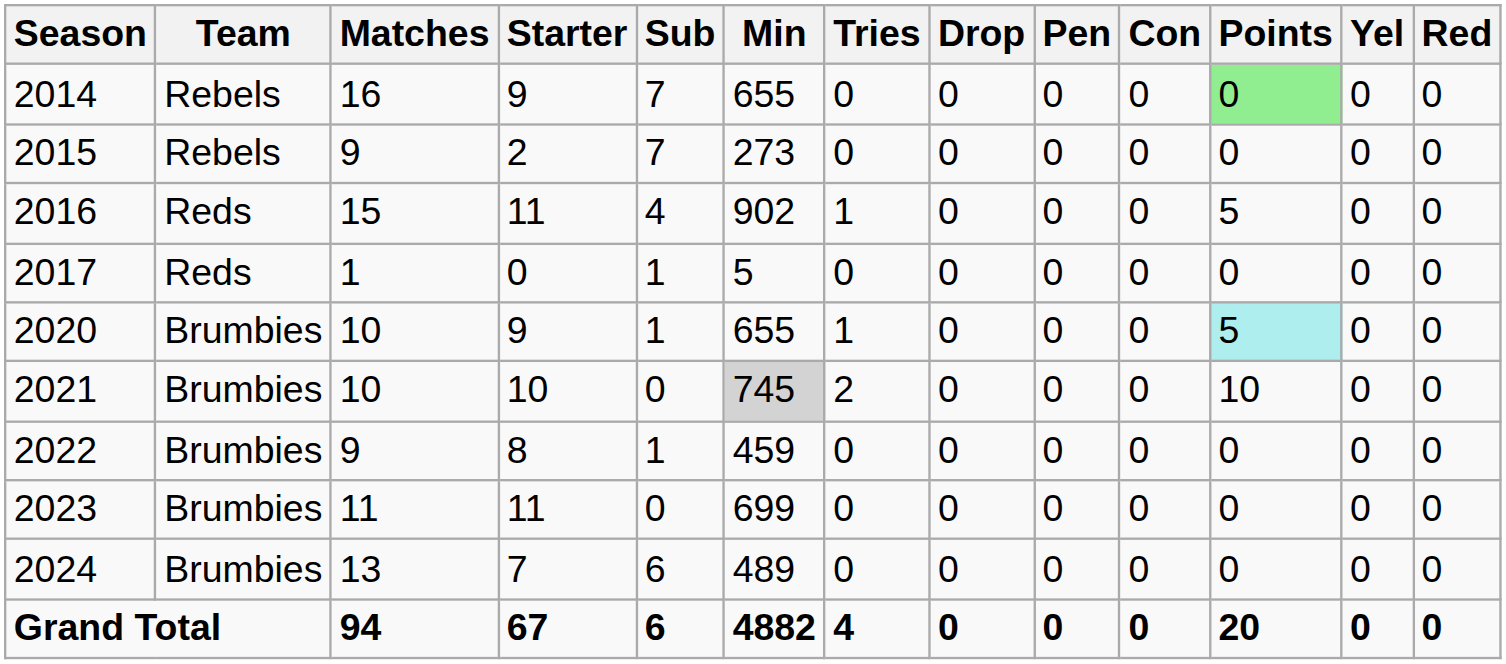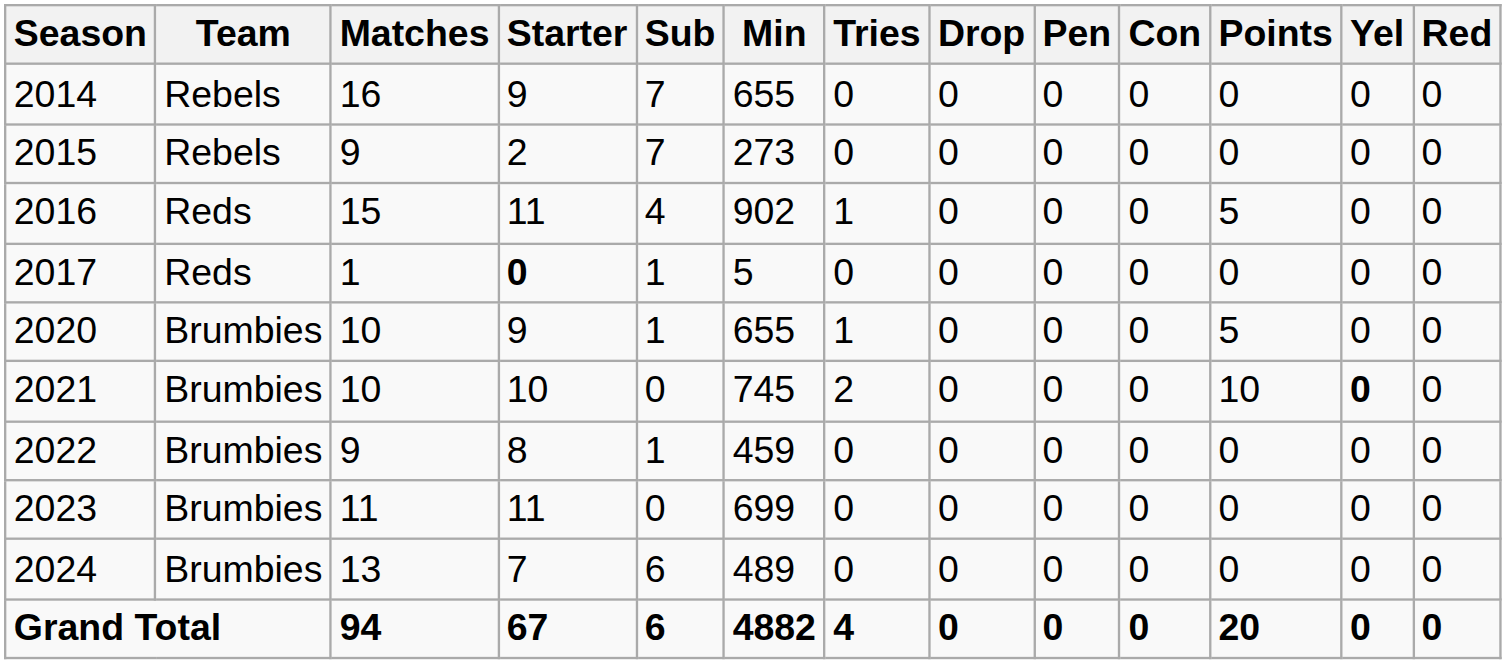 <table class="wikitable">
 <tr>
 <th>Season</th>
 <th>Team</th>
 <th>Matches</th>
 <th>Starter</th>
 <th>Sub</th>
 <th>Min</th>
 <th>Tries</th>
 <th>Drop</th>
 <th>Pen</th>
 <th>Con</th>
 <th>Points</th>
 <th>Yel</th>
 <th>Red</th>
 </tr>
 <tr>
 <td>2014</td>
 <td>Rebels</td>
 <td>16</td>
 <td>9</td>
 <td>7</td>
 <td>655</td>
 <td>0</td>
 <td>0</td>
 <td>0</td>
 <td>0</td>
-<td style="background: lightgreen;">0</td>
+<td>0</td>
 <td>0</td>
 <td>0</td>
 </tr>
 <tr>
 <td>2015</td>
 <td>Rebels</td>
 <td>9</td>
 <td>2</td>
 <td>7</td>
 <td>273</td>
 <td>0</td>
 <td>0</td>
 <td>0</td>
 <td>0</td>
 <td>0</td>
 <td>0</td>
 <td>0</td>
 </tr>
 <tr>
 <td>2016</td>
 <td>Reds</td>
 <td>15</td>
 <td>11</td>
 <td>4</td>
 <td>902</td>
 <td>1</td>
 <td>0</td>
 <td>0</td>
 <td>0</td>
 <td>5</td>
 <td>0</td>
 <td>0</td>
 </tr>
 <tr>
 <td>2017</td>
 <td>Reds</td>
 <td>1</td>
-<td>0</td>
+<td><strong>0</strong></td>
 <td>1</td>
 <td>5</td>
 <td>0</td>
 <td>0</td>
 <td>0</td>
 <td>0</td>
 <td>0</td>
 <td>0</td>
 <td>0</td>
 </tr>
 <tr>
 <td>2020</td>
 <td>Brumbies</td>
 <td>10</td>
 <td>9</td>
 <td>1</td>
 <td>655</td>
 <td>1</td>
 <td>0</td>
 <td>0</td>
 <td>0</td>
-<td style="background: paleturquoise;">5</td>
+<td>5</td>
 <td>0</td>
 <td>0</td>
 </tr>
 <tr>
 <td>2021</td>
 <td>Brumbies</td>
 <td>10</td>
 <td>10</td>
 <td>0</td>
-<td style="background: lightgrey;">745</td>
+<td>745</td>
 <td>2</td>
 <td>0</td>
 <td>0</td>
 <td>0</td>
 <td>10</td>
-<td>0</td>
+<td><strong>0</strong></td>
 <td>0</td>
 </tr>
 <tr>
 <td>2022</td>
 <td>Brumbies</td>
 <td>9</td>
 <td>8</td>
 <td>1</td>
 <td>459</td>
 <td>0</td>
 <td>0</td>
 <td>0</td>
 <td>0</td>
 <td>0</td>
 <td>0</td>
 <td>0</td>
 </tr>
 <tr>
 <td>2023</td>
 <td>Brumbies</td>
 <td>11</td>
 <td>11</td>
 <td>0</td>
 <td>699</td>
 <td>0</td>
 <td>0</td>
 <td>0</td>
 <td>0</td>
 <td>0</td>
 <td>0</td>
 <td>0</td>
 </tr>
 <tr>
 <td>2024</td>
 <td>Brumbies</td>
 <td>13</td>
 <td>7</td>
 <td>6</td>
 <td>489</td>
 <td>0</td>
 <td>0</td>
 <td>0</td>
 <td>0</td>
 <td>0</td>
 <td>0</td>
 <td>0</td>
 </tr>
 <tr>
 <td colspan="2"><strong>Grand Total</strong></td>
 <td><strong>94</strong></td>
 <td><strong>67</strong></td>
 <td><strong>6</strong></td>
 <td><strong>4882</strong></td>
 <td><strong>4</strong></td>
 <td><strong>0</strong></td>
 <td><strong>0</strong></td>
 <td><strong>0</strong></td>
 <td><strong>20</strong></td>
 <td><strong>0</strong></td>
 <td><strong>0</strong></td>
 </tr>
 </table>
